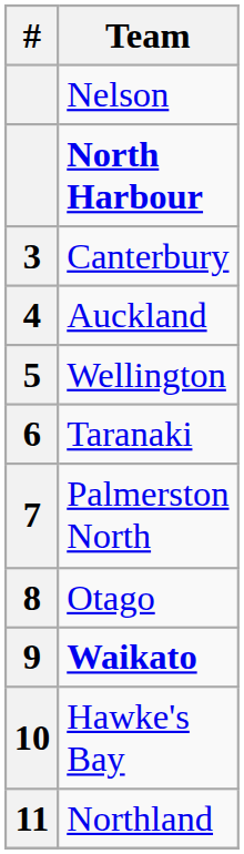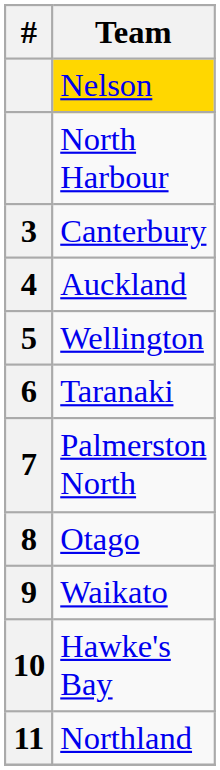 <table class="wikitable" width="15%" style="font-size:95%; text-align:center">
 <tr>
 <th>#</th>
 <th>Team</th>
 </tr>
 <tr>
 <th></th>
-<td align=left><a href='#'>Nelson</a></td>
+<td align=left style="background: gold;"><a href='#'>Nelson</a></td>
 </tr>
 <tr>
 <th></th>
-<td align=left><strong><a href='#'>North Harbour</a></strong></td>
+<td align=left><a href='#'>North Harbour</a></td>
 </tr>
 <tr>
 <th>3</th>
 <td align=left><a href='#'>Canterbury</a></td>
 </tr>
 <tr>
 <th>4</th>
 <td align=left><a href='#'>Auckland</a></td>
 </tr>
 <tr>
 <th>5</th>
 <td align=left><a href='#'>Wellington</a></td>
 </tr>
 <tr>
 <th>6</th>
 <td align=left><a href='#'>Taranaki</a></td>
 </tr>
 <tr>
 <th>7</th>
 <td align=left><a href='#'>Palmerston North</a></td>
 </tr>
 <tr>
 <th>8</th>
 <td align=left><a href='#'>Otago</a></td>
 </tr>
 <tr>
 <th>9</th>
-<td align=left><strong><a href='#'>Waikato</a></strong></td>
+<td align=left><a href='#'>Waikato</a></td>
 </tr>
 <tr>
 <th>10</th>
 <td align=left><a href='#'>Hawke's Bay</a></td>
 </tr>
 <tr>
 <th>11</th>
 <td align=left><a href='#'>Northland</a></td>
 </tr>
 <tr>
 </tr>
 </table>
